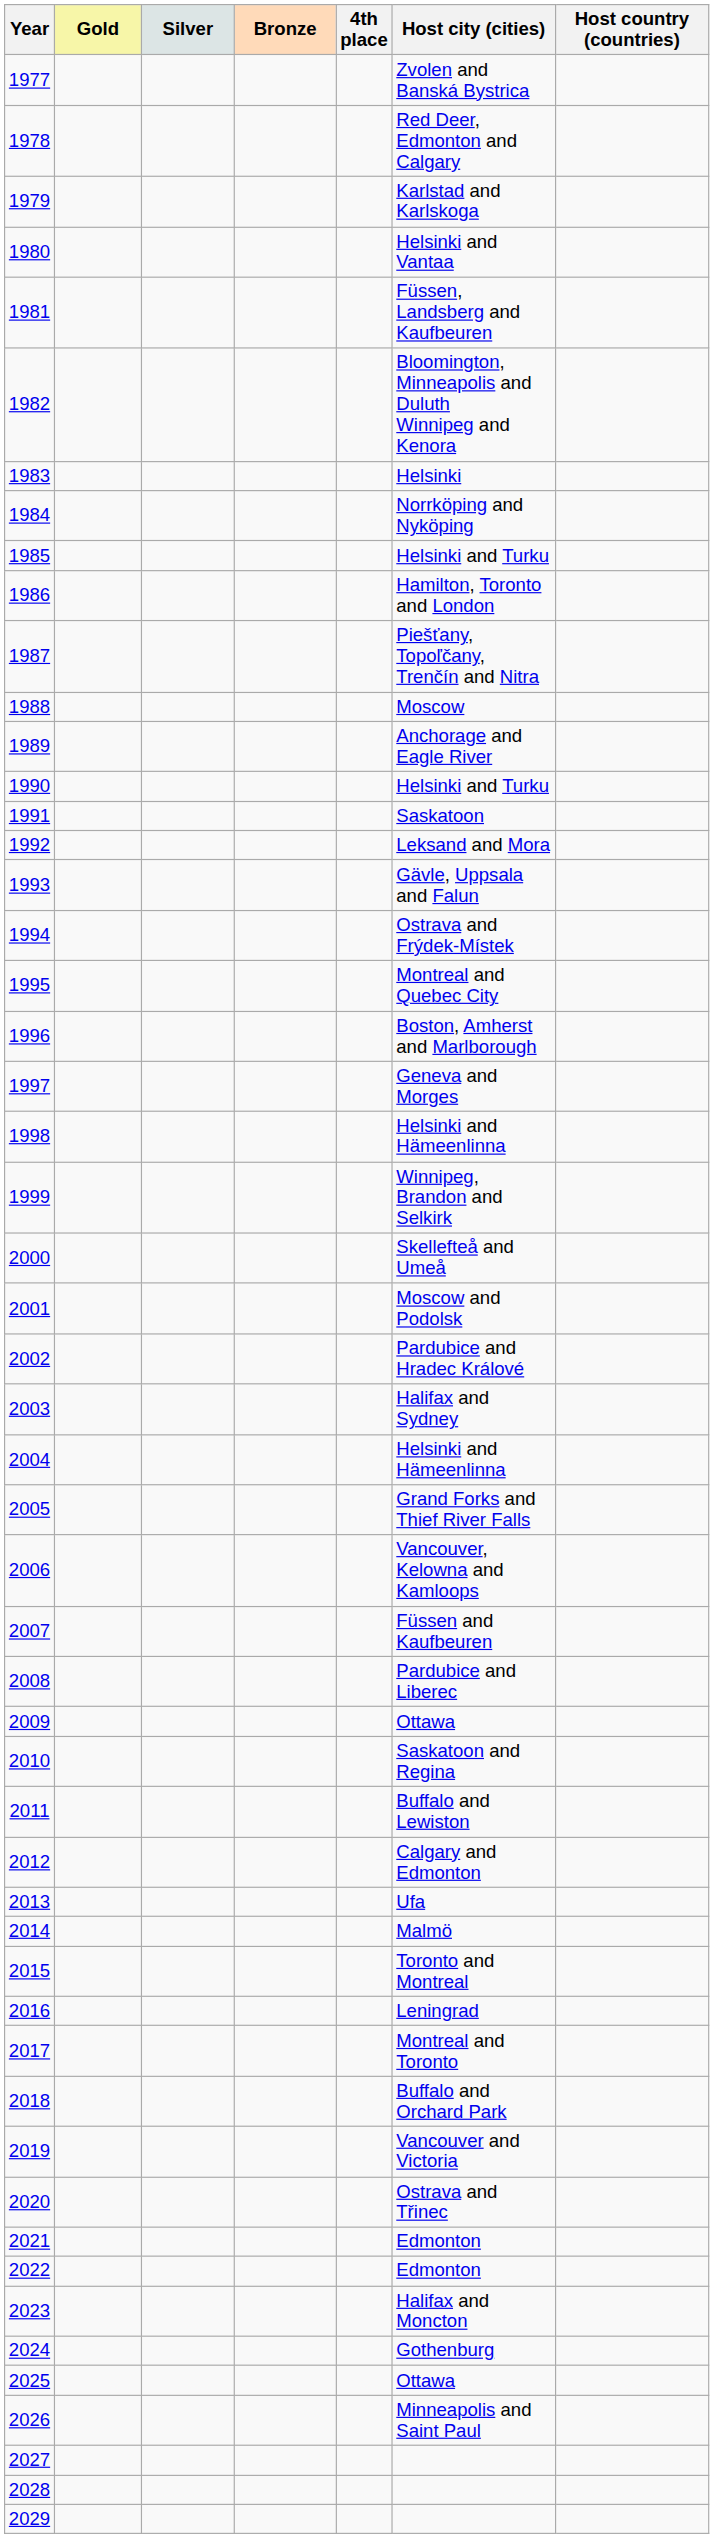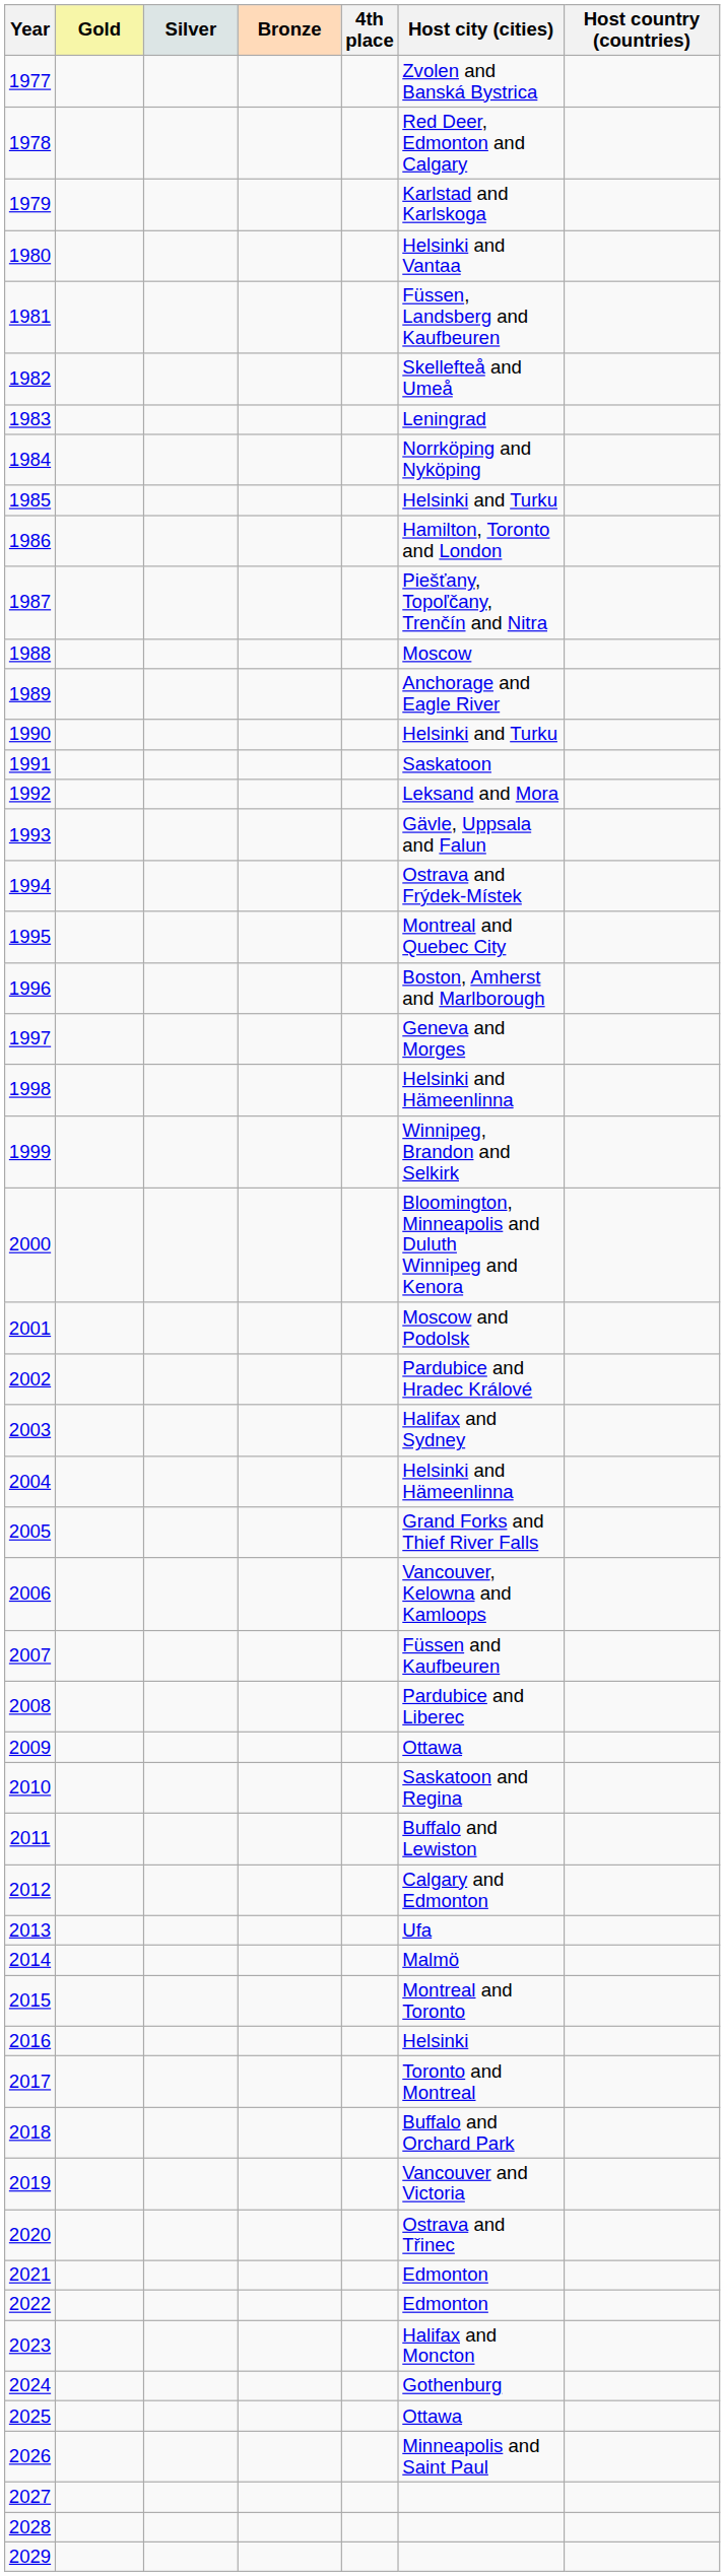 <table class="wikitable sortable">
 <tr bgcolor="#efefef" align="left">
 <th>Year</th>
 <th width=145 style="background-color: #F7F6A8;"> Gold</th>
 <th width=145 style="background-color: #DCE5E5;"> Silver</th>
 <th width=145 style="background-color: #FFDAB9;"> Bronze</th>
 <th scope="col" style="background-color:">4th place</th>
 <th width=230>Host city (cities)</th>
 <th width=230>Host country (countries)</th>
 </tr>
 <tr>
 <td align="center"><a href='#'>1977</a></td>
 <td> </td>
 <td> </td>
 <td> </td>
 <td> </td>
 <td><a href='#'>Zvolen</a> and <a href='#'>Banská Bystrica</a></td>
 <td></td>
 </tr>
 <tr>
 <td align="center"><a href='#'>1978</a></td>
 <td> </td>
 <td> </td>
 <td> </td>
 <td> </td>
 <td><a href='#'>Red Deer</a>, <a href='#'>Edmonton</a> and <a href='#'>Calgary</a></td>
 <td></td>
 </tr>
 <tr>
 <td align="center"><a href='#'>1979</a></td>
 <td> </td>
 <td> </td>
 <td> </td>
 <td> </td>
 <td><a href='#'>Karlstad</a> and <a href='#'>Karlskoga</a></td>
 <td></td>
 </tr>
 <tr>
 <td align="center"><a href='#'>1980</a></td>
 <td> </td>
 <td> </td>
 <td> </td>
 <td> </td>
 <td><a href='#'>Helsinki</a> and <a href='#'>Vantaa</a></td>
 <td></td>
 </tr>
 <tr>
 <td align="center"><a href='#'>1981</a></td>
 <td> </td>
 <td> </td>
 <td> </td>
 <td> </td>
 <td><a href='#'>Füssen</a>, <a href='#'>Landsberg</a> and <a href='#'>Kaufbeuren</a></td>
 <td></td>
 </tr>
 <tr>
 <td align="center"><a href='#'>1982</a></td>
 <td> </td>
 <td> </td>
 <td> </td>
 <td> </td>
-<td><a href='#'>Bloomington</a>, <a href='#'>Minneapolis</a> and <a href='#'>Duluth</a><br><a href='#'>Winnipeg</a> and <a href='#'>Kenora</a></td>
+<td><a href='#'>Skellefteå</a> and <a href='#'>Umeå</a></td>
 <td><br></td>
 </tr>
 <tr>
 <td align="center"><a href='#'>1983</a></td>
 <td> </td>
 <td> </td>
 <td> </td>
 <td> </td>
-<td><a href='#'>Helsinki</a></td>
+<td><a href='#'>Leningrad</a></td>
 <td></td>
 </tr>
 <tr>
 <td align="center"><a href='#'>1984</a></td>
 <td> </td>
 <td> </td>
 <td> </td>
 <td> </td>
 <td><a href='#'>Norrköping</a> and <a href='#'>Nyköping</a></td>
 <td></td>
 </tr>
 <tr>
 <td align="center"><a href='#'>1985</a></td>
 <td> </td>
 <td> </td>
 <td> </td>
 <td> </td>
 <td><a href='#'>Helsinki</a> and <a href='#'>Turku</a></td>
 <td></td>
 </tr>
 <tr>
 <td align="center"><a href='#'>1986</a></td>
 <td> </td>
 <td> </td>
 <td> </td>
 <td> </td>
 <td><a href='#'>Hamilton</a>, <a href='#'>Toronto</a> and <a href='#'>London</a></td>
 <td></td>
 </tr>
 <tr>
 <td align="center"><a href='#'>1987</a></td>
 <td> </td>
 <td> </td>
 <td> </td>
 <td> </td>
 <td><a href='#'>Piešťany</a>, <a href='#'>Topoľčany</a>, <a href='#'>Trenčín</a> and <a href='#'>Nitra</a></td>
 <td></td>
 </tr>
 <tr>
 <td align="center"><a href='#'>1988</a></td>
 <td> </td>
 <td> </td>
 <td> </td>
 <td> </td>
 <td><a href='#'>Moscow</a></td>
 <td></td>
 </tr>
 <tr>
 <td align="center"><a href='#'>1989</a></td>
 <td> </td>
 <td> </td>
 <td> </td>
 <td> </td>
 <td><a href='#'>Anchorage</a> and <a href='#'>Eagle River</a></td>
 <td></td>
 </tr>
 <tr>
 <td align="center"><a href='#'>1990</a></td>
 <td> </td>
 <td> </td>
 <td> </td>
 <td> </td>
 <td><a href='#'>Helsinki</a> and <a href='#'>Turku</a></td>
 <td></td>
 </tr>
 <tr>
 <td align="center"><a href='#'>1991</a></td>
 <td> </td>
 <td> </td>
 <td> </td>
 <td> </td>
 <td><a href='#'>Saskatoon</a></td>
 <td></td>
 </tr>
 <tr>
 <td align="center"><a href='#'>1992</a></td>
 <td></td>
 <td> </td>
 <td> </td>
 <td> </td>
 <td><a href='#'>Leksand</a> and <a href='#'>Mora</a></td>
 <td></td>
 </tr>
 <tr>
 <td align="center"><a href='#'>1993</a></td>
 <td> </td>
 <td> </td>
 <td>  </td>
 <td> </td>
 <td><a href='#'>Gävle</a>, <a href='#'>Uppsala</a> and <a href='#'>Falun</a></td>
 <td></td>
 </tr>
 <tr>
 <td align="center"><a href='#'>1994</a></td>
 <td> </td>
 <td> </td>
 <td> </td>
 <td> </td>
 <td><a href='#'>Ostrava</a> and <a href='#'>Frýdek-Místek</a></td>
 <td></td>
 </tr>
 <tr>
 <td align="center"><a href='#'>1995</a></td>
 <td> </td>
 <td> </td>
 <td> </td>
 <td> </td>
 <td><a href='#'>Montreal</a> and <a href='#'>Quebec City</a></td>
 <td></td>
 </tr>
 <tr>
 <td align="center"><a href='#'>1996</a></td>
 <td> </td>
 <td> </td>
 <td> </td>
 <td> </td>
 <td><a href='#'>Boston</a>, <a href='#'>Amherst</a> and <a href='#'>Marlborough</a></td>
 <td></td>
 </tr>
 <tr>
 <td align="center"><a href='#'>1997</a></td>
 <td> </td>
 <td> </td>
 <td> </td>
 <td> </td>
 <td><a href='#'>Geneva</a> and <a href='#'>Morges</a></td>
 <td></td>
 </tr>
 <tr>
 <td align="center"><a href='#'>1998</a></td>
 <td> </td>
 <td> </td>
 <td> </td>
 <td> </td>
 <td><a href='#'>Helsinki</a> and <a href='#'>Hämeenlinna</a></td>
 <td></td>
 </tr>
 <tr>
 <td align="center"><a href='#'>1999</a></td>
 <td> </td>
 <td> </td>
 <td> </td>
 <td> </td>
 <td><a href='#'>Winnipeg</a>, <a href='#'>Brandon</a> and <a href='#'>Selkirk</a></td>
 <td></td>
 </tr>
 <tr>
 <td align="center"><a href='#'>2000</a></td>
 <td> </td>
 <td> </td>
 <td> </td>
 <td> </td>
-<td><a href='#'>Skellefteå</a> and <a href='#'>Umeå</a></td>
+<td><a href='#'>Bloomington</a>, <a href='#'>Minneapolis</a> and <a href='#'>Duluth</a><br><a href='#'>Winnipeg</a> and <a href='#'>Kenora</a></td>
 <td></td>
 </tr>
 <tr>
 <td align="center"><a href='#'>2001</a></td>
 <td> </td>
 <td> </td>
 <td> </td>
 <td> </td>
 <td><a href='#'>Moscow</a> and <a href='#'>Podolsk</a></td>
 <td></td>
 </tr>
 <tr>
 <td align="center"><a href='#'>2002</a></td>
 <td> </td>
 <td> </td>
 <td> </td>
 <td> </td>
 <td><a href='#'>Pardubice</a> and <a href='#'>Hradec Králové</a></td>
 <td></td>
 </tr>
 <tr>
 <td align="center"><a href='#'>2003</a></td>
 <td> </td>
 <td> </td>
 <td> </td>
 <td> </td>
 <td><a href='#'>Halifax</a> and <a href='#'>Sydney</a></td>
 <td></td>
 </tr>
 <tr>
 <td align="center"><a href='#'>2004</a></td>
 <td> </td>
 <td> </td>
 <td> </td>
 <td> </td>
 <td><a href='#'>Helsinki</a> and <a href='#'>Hämeenlinna</a></td>
 <td></td>
 </tr>
 <tr>
 <td align="center"><a href='#'>2005</a></td>
 <td> </td>
 <td> </td>
 <td> </td>
 <td> </td>
 <td><a href='#'>Grand Forks</a> and <a href='#'>Thief River Falls</a></td>
 <td></td>
 </tr>
 <tr>
 <td align="center"><a href='#'>2006</a></td>
 <td> </td>
 <td> </td>
 <td> </td>
 <td> </td>
 <td><a href='#'>Vancouver</a>, <a href='#'>Kelowna</a> and <a href='#'>Kamloops</a></td>
 <td></td>
 </tr>
 <tr>
 <td align="center"><a href='#'>2007</a></td>
 <td> </td>
 <td> </td>
 <td> </td>
 <td> </td>
 <td><a href='#'>Füssen</a> and <a href='#'>Kaufbeuren</a></td>
 <td></td>
 </tr>
 <tr>
 <td align="center"><a href='#'>2008</a></td>
 <td> </td>
 <td> </td>
 <td> </td>
 <td> </td>
 <td><a href='#'>Pardubice</a> and <a href='#'>Liberec</a></td>
 <td></td>
 </tr>
 <tr>
 <td align="center"><a href='#'>2009</a></td>
 <td> </td>
 <td> </td>
 <td> </td>
 <td> </td>
 <td><a href='#'>Ottawa</a></td>
 <td></td>
 </tr>
 <tr>
 <td align="center"><a href='#'>2010</a></td>
 <td> </td>
 <td> </td>
 <td> </td>
 <td> </td>
 <td><a href='#'>Saskatoon</a> and <a href='#'>Regina</a></td>
 <td></td>
 </tr>
 <tr>
 <td align="center"><a href='#'>2011</a></td>
 <td> </td>
 <td> </td>
 <td> </td>
 <td> </td>
 <td><a href='#'>Buffalo</a> and <a href='#'>Lewiston</a></td>
 <td></td>
 </tr>
 <tr>
 <td align="center"><a href='#'>2012</a></td>
 <td> </td>
 <td> </td>
 <td> </td>
 <td> </td>
 <td><a href='#'>Calgary</a> and <a href='#'>Edmonton</a></td>
 <td></td>
 </tr>
 <tr>
 <td align="center"><a href='#'>2013</a></td>
 <td> </td>
 <td> </td>
 <td> </td>
 <td> </td>
 <td><a href='#'>Ufa</a></td>
 <td></td>
 </tr>
 <tr>
 <td align="center"><a href='#'>2014</a></td>
 <td> </td>
 <td> </td>
 <td> </td>
 <td> </td>
 <td><a href='#'>Malmö</a></td>
 <td></td>
 </tr>
 <tr>
 <td align="center"><a href='#'>2015</a></td>
 <td> </td>
 <td> </td>
 <td> </td>
 <td> </td>
-<td><a href='#'>Toronto</a> and <a href='#'>Montreal</a></td>
+<td><a href='#'>Montreal</a> and <a href='#'>Toronto</a></td>
 <td></td>
 </tr>
 <tr>
 <td align="center"><a href='#'>2016</a></td>
 <td> </td>
 <td> </td>
 <td> </td>
 <td> </td>
-<td><a href='#'>Leningrad</a></td>
+<td><a href='#'>Helsinki</a></td>
 <td></td>
 </tr>
 <tr>
 <td align="center"><a href='#'>2017</a></td>
 <td> </td>
 <td> </td>
 <td> </td>
 <td> </td>
-<td><a href='#'>Montreal</a> and <a href='#'>Toronto</a></td>
+<td><a href='#'>Toronto</a> and <a href='#'>Montreal</a></td>
 <td></td>
 </tr>
 <tr>
 <td align="center"><a href='#'>2018</a></td>
 <td> </td>
 <td> </td>
 <td> </td>
 <td> </td>
 <td><a href='#'>Buffalo</a> and <a href='#'>Orchard Park</a></td>
 <td></td>
 </tr>
 <tr>
 <td align="center"><a href='#'>2019</a></td>
 <td> </td>
 <td> </td>
 <td> </td>
 <td> </td>
 <td><a href='#'>Vancouver</a> and <a href='#'>Victoria</a></td>
 <td></td>
 </tr>
 <tr>
 <td align="center"><a href='#'>2020</a></td>
 <td> </td>
 <td> </td>
 <td> </td>
 <td> </td>
 <td><a href='#'>Ostrava</a> and <a href='#'>Třinec</a></td>
 <td></td>
 </tr>
 <tr>
 <td align="center"><a href='#'>2021</a></td>
 <td> </td>
 <td> </td>
 <td> </td>
 <td> </td>
 <td><a href='#'>Edmonton</a></td>
 <td></td>
 </tr>
 <tr>
 <td align="center"><a href='#'>2022</a></td>
 <td> </td>
 <td> </td>
 <td> </td>
 <td> </td>
 <td><a href='#'>Edmonton</a></td>
 <td></td>
 </tr>
 <tr>
 <td align="center"><a href='#'>2023</a></td>
 <td> </td>
 <td> </td>
 <td> </td>
 <td> </td>
 <td><a href='#'>Halifax</a> and <a href='#'>Moncton</a></td>
 <td></td>
 </tr>
 <tr>
 <td align="center"><a href='#'>2024</a></td>
 <td> </td>
 <td> </td>
 <td> </td>
 <td> </td>
 <td><a href='#'>Gothenburg</a></td>
 <td></td>
 </tr>
 <tr>
 <td align="center"><a href='#'>2025</a></td>
 <td> </td>
 <td> </td>
 <td> </td>
 <td> </td>
 <td><a href='#'>Ottawa</a></td>
 <td></td>
 </tr>
 <tr>
 <td align="center"><a href='#'>2026</a></td>
 <td></td>
 <td></td>
 <td></td>
 <td></td>
 <td><a href='#'>Minneapolis</a> and <a href='#'>Saint Paul</a></td>
 <td></td>
 </tr>
 <tr>
 <td align="center"><a href='#'>2027</a></td>
 <td></td>
 <td></td>
 <td></td>
 <td></td>
 <td></td>
 <td></td>
 </tr>
 <tr>
 <td align="center"><a href='#'>2028</a></td>
 <td></td>
 <td></td>
 <td></td>
 <td></td>
 <td></td>
 <td></td>
 </tr>
 <tr>
 <td align="center"><a href='#'>2029</a></td>
 <td></td>
 <td></td>
 <td></td>
 <td></td>
 <td></td>
 <td></td>
 </tr>
 </table>
